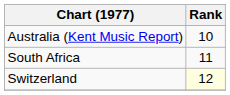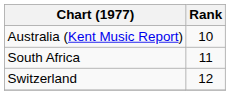 <table class="wikitable">
 <tr>
 <th align="left">Chart (1977)</th>
 <th style="text-align:center;">Rank</th>
 </tr>
 <tr>
 <td>Australia (<a href='#'>Kent Music Report</a>)</td>
 <td align="center">10</td>
 </tr>
 <tr>
 <td>South Africa </td>
 <td align="center">11</td>
 </tr>
 <tr>
 <td>Switzerland</td>
-<td style="background: lightyellow; text-align:center;">12</td>
+<td style="text-align:center;">12</td>
 </tr>
 <tr>
 </tr>
 </table>
